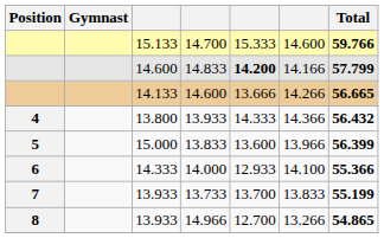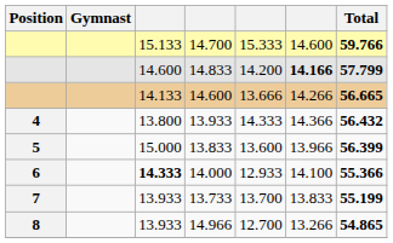 <table class="wikitable sortable" style="text-align:center; font-size:95%">
 <tr>
 <th>Position</th>
 <th>Gymnast</th>
 <th></th>
 <th></th>
 <th></th>
 <th></th>
 <th>Total</th>
 </tr>
 <tr bgcolor=fffcaf>
 <td></td>
 <td align=left></td>
 <td>15.133</td>
 <td>14.700</td>
 <td>15.333</td>
 <td>14.600</td>
 <td><strong>59.766</strong></td>
 </tr>
 <tr bgcolor=e5e5e5>
 <td></td>
 <td align=left></td>
 <td>14.600</td>
 <td>14.833</td>
-<td><strong>14.200</strong></td>
-<td>14.166</td>
+<td>14.200</td>
+<td><strong>14.166</strong></td>
 <td><strong>57.799</strong></td>
 </tr>
 <tr bgcolor=eecc99>
 <td></td>
 <td align=left></td>
 <td>14.133</td>
 <td>14.600</td>
 <td>13.666</td>
 <td>14.266</td>
 <td><strong>56.665</strong></td>
 </tr>
 <tr>
 <th><strong>4</strong></th>
 <td align=left></td>
 <td>13.800</td>
 <td>13.933</td>
 <td>14.333</td>
 <td>14.366</td>
 <td><strong>56.432</strong></td>
 </tr>
 <tr>
 <th><strong>5</strong></th>
 <td align=left></td>
 <td>15.000</td>
 <td>13.833</td>
 <td>13.600</td>
 <td>13.966</td>
 <td><strong>56.399</strong></td>
 </tr>
 <tr>
 <th><strong>6</strong></th>
 <td align=left></td>
-<td>14.333</td>
+<td><strong>14.333</strong></td>
 <td>14.000</td>
 <td>12.933</td>
 <td>14.100</td>
 <td><strong>55.366</strong></td>
 </tr>
 <tr>
 <th><strong>7</strong></th>
 <td align=left></td>
 <td>13.933</td>
 <td>13.733</td>
 <td>13.700</td>
 <td>13.833</td>
 <td><strong>55.199</strong></td>
 </tr>
 <tr>
 <th><strong>8</strong></th>
 <td align=left></td>
 <td>13.933</td>
 <td>14.966</td>
 <td>12.700</td>
 <td>13.266</td>
 <td><strong>54.865</strong></td>
 </tr>
 <tr>
 </tr>
 </table>
